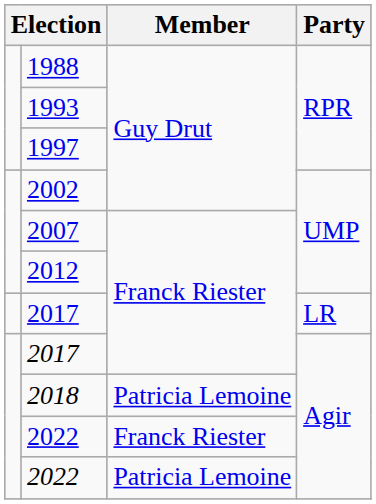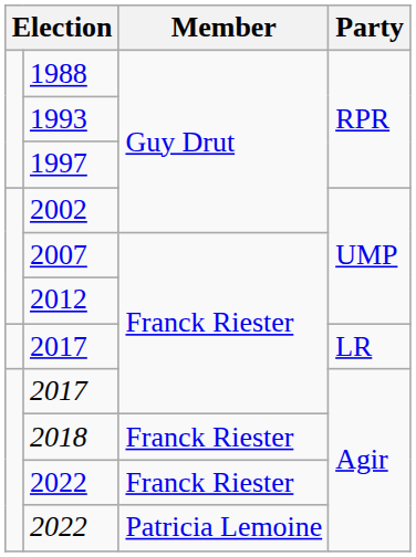 <table class="wikitable">
 <tr>
 <th colspan="2">Election</th>
 <th>Member</th>
 <th>Party</th>
 </tr>
 <tr>
 <td rowspan="3" style="color:inherit;background-color: "></td>
 <td><a href='#'>1988</a></td>
 <td rowspan="4"><a href='#'>Guy Drut</a></td>
 <td rowspan="3"><a href='#'>RPR</a></td>
 </tr>
 <tr>
 <td><a href='#'>1993</a></td>
 </tr>
 <tr>
 <td><a href='#'>1997</a></td>
 </tr>
 <tr>
 <td rowspan="3" style="color:inherit;background-color: "></td>
 <td><a href='#'>2002</a></td>
 <td rowspan="3"><a href='#'>UMP</a></td>
 </tr>
 <tr>
 <td><a href='#'>2007</a></td>
 <td rowspan="4"><a href='#'>Franck Riester</a></td>
 </tr>
 <tr>
 <td><a href='#'>2012</a></td>
 </tr>
 <tr>
 <td style="color:inherit;background-color: "></td>
 <td><a href='#'>2017</a></td>
 <td><a href='#'>LR</a></td>
 </tr>
 <tr>
 <td rowspan="4" style="color:inherit;background-color: "></td>
 <td><em>2017</em></td>
 <td rowspan="4"><a href='#'>Agir</a></td>
 </tr>
 <tr>
 <td><em>2018</em></td>
-<td><a href='#'>Patricia Lemoine</a></td>
+<td><a href='#'>Franck Riester</a></td>
 </tr>
 <tr>
 <td><a href='#'>2022</a></td>
 <td><a href='#'>Franck Riester</a></td>
 </tr>
 <tr>
 <td><em>2022</em></td>
 <td><a href='#'>Patricia Lemoine</a></td>
 </tr>
 </table>
